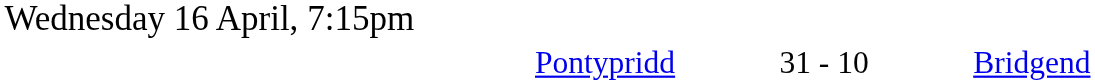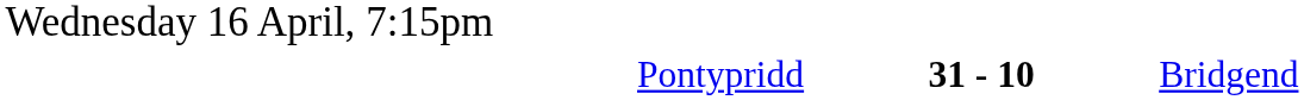 <table style="width:70%;" cellspacing="1">
 <tr>
 <th width=35%></th>
 <th width=15%></th>
 <th></th>
 </tr>
 <tr>
 <td>Wednesday 16 April, 7:15pm</td>
 </tr>
 <tr style=font-size:90%>
 <td align=right><a href='#'>Pontypridd</a></td>
-<td align=center>31 - 10</td>
+<td align=center><strong>31 - 10</strong></td>
 <td><a href='#'>Bridgend</a></td>
 </tr>
 </table>
